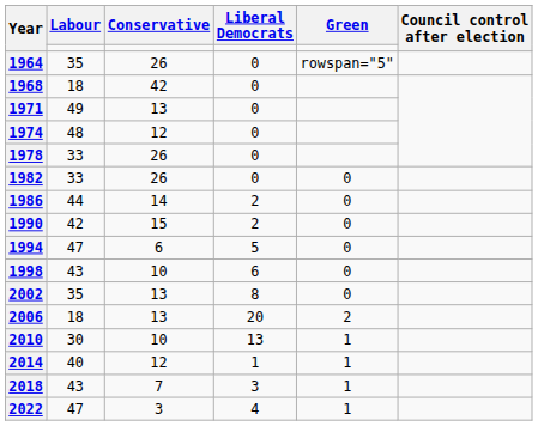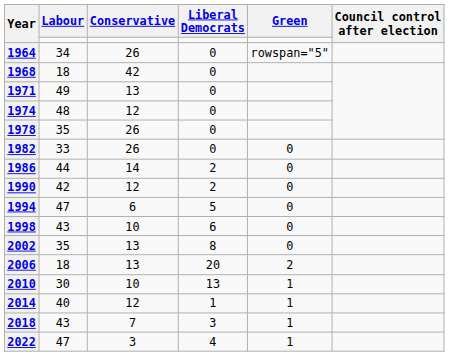 <table class="wikitable plainrowheaders" style="text-align:center">
 <tr>
 <th scope="col" rowspan="2">Year</th>
 <th scope="col"><a href='#'>Labour</a></th>
 <th scope="col"><a href='#'>Conservative</a></th>
 <th scope="col" style="width:1px"><a href='#'>Liberal Democrats</a></th>
 <th scope="col"><a href='#'>Green</a></th>
 <th scope="col" rowspan="2" colspan="2">Council control<br>after election</th>
 </tr>
 <tr>
 <td style="background:"></td>
 <td style="background:"></td>
 <td style="background:"></td>
 <td style="background:"></td>
 </tr>
 <tr>
 <th scope="row"><a href='#'>1964</a></th>
-<td>35</td>
+<td>34</td>
 <td>26</td>
 <td>0</td>
 <td>rowspan="5" </td>
 <td></td>
 </tr>
 <tr>
 <th scope="row"><a href='#'>1968</a></th>
 <td>18</td>
 <td>42</td>
 <td>0</td>
 <td></td>
 </tr>
 <tr>
 <th scope="row"><a href='#'>1971</a></th>
 <td>49</td>
 <td>13</td>
 <td>0</td>
 <td></td>
 </tr>
 <tr>
 <th scope="row"><a href='#'>1974</a></th>
 <td>48</td>
 <td>12</td>
 <td>0</td>
 <td></td>
 </tr>
 <tr>
 <th scope="row"><a href='#'>1978</a></th>
-<td>33</td>
+<td>35</td>
 <td>26</td>
 <td>0</td>
 <td></td>
 </tr>
 <tr>
 <th scope="row"><a href='#'>1982</a></th>
 <td>33</td>
 <td>26</td>
 <td>0</td>
 <td>0</td>
 <td></td>
 </tr>
 <tr>
 <th scope="row"><a href='#'>1986</a></th>
 <td>44</td>
 <td>14</td>
 <td>2</td>
 <td>0</td>
 <td></td>
 </tr>
 <tr>
 <th scope="row"><a href='#'>1990</a></th>
 <td>42</td>
-<td>15</td>
+<td>12</td>
 <td>2</td>
 <td>0</td>
 <td></td>
 </tr>
 <tr>
 <th scope="row"><a href='#'>1994</a></th>
 <td>47</td>
 <td>6</td>
 <td>5</td>
 <td>0</td>
 <td></td>
 </tr>
 <tr>
 <th scope="row"><a href='#'>1998</a></th>
 <td>43</td>
 <td>10</td>
 <td>6</td>
 <td>0</td>
 <td></td>
 </tr>
 <tr>
 <th scope="row"><a href='#'>2002</a></th>
 <td>35</td>
 <td>13</td>
 <td>8</td>
 <td>0</td>
 <td></td>
 </tr>
 <tr>
 <th scope="row"><a href='#'>2006</a></th>
 <td>18</td>
 <td>13</td>
 <td>20</td>
 <td>2</td>
 <td></td>
 </tr>
 <tr>
 <th scope="row"><a href='#'>2010</a></th>
 <td>30</td>
 <td>10</td>
 <td>13</td>
 <td>1</td>
 <td></td>
 </tr>
 <tr>
 <th scope="row"><a href='#'>2014</a></th>
 <td>40</td>
 <td>12</td>
 <td>1</td>
 <td>1</td>
 <td></td>
 </tr>
 <tr>
 <th scope="row"><a href='#'>2018</a></th>
 <td>43</td>
 <td>7</td>
 <td>3</td>
 <td>1</td>
 <td></td>
 </tr>
 <tr>
 <th scope="row"><a href='#'>2022</a></th>
 <td>47</td>
 <td>3</td>
 <td>4</td>
 <td>1</td>
 <td></td>
 </tr>
 </table>
